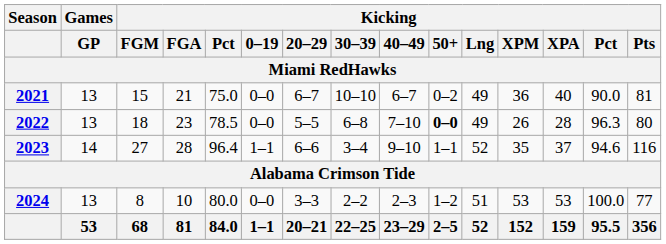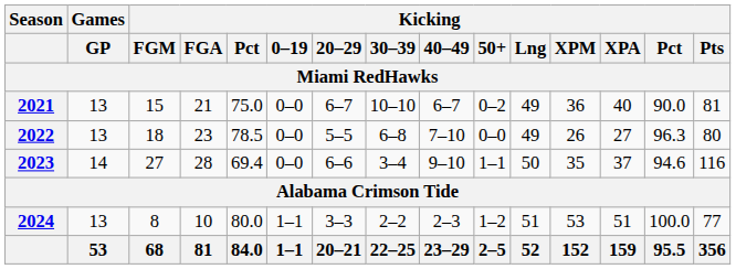 <table class="wikitable" style="text-align:center;">
 <tr>
 <th rowspan="1">Season</th>
 <th colspan="1">Games</th>
 <th colspan="14">Kicking</th>
 </tr>
 <tr>
 <th></th>
 <th>GP</th>
 <th>FGM</th>
 <th>FGA</th>
 <th>Pct</th>
 <th>0–19</th>
 <th>20–29</th>
 <th>30–39</th>
 <th>40–49</th>
 <th>50+</th>
 <th>Lng</th>
 <th>XPM</th>
 <th>XPA</th>
 <th>Pct</th>
 <th>Pts</th>
 </tr>
 <tr>
 <th colspan="17">Miami RedHawks</th>
 </tr>
 <tr>
 <th><a href='#'>2021</a></th>
 <td>13</td>
 <td>15</td>
 <td>21</td>
 <td>75.0</td>
 <td>0–0</td>
 <td>6–7</td>
 <td>10–10</td>
 <td>6–7</td>
 <td>0–2</td>
 <td>49</td>
 <td>36</td>
 <td>40</td>
 <td>90.0</td>
 <td>81</td>
 </tr>
 <tr>
 <th><a href='#'>2022</a></th>
 <td>13</td>
 <td>18</td>
 <td>23</td>
 <td>78.5</td>
 <td>0–0</td>
 <td>5–5</td>
 <td>6–8</td>
 <td>7–10</td>
-<td><strong>0–0</strong></td>
+<td>0–0</td>
 <td>49</td>
 <td>26</td>
-<td>28</td>
+<td>27</td>
 <td>96.3</td>
 <td>80</td>
 </tr>
 <tr>
 <th><a href='#'>2023</a></th>
 <td>14</td>
 <td>27</td>
 <td>28</td>
-<td>96.4</td>
-<td>1–1</td>
+<td>69.4</td>
+<td>0–0</td>
 <td>6–6</td>
 <td>3–4</td>
 <td>9–10</td>
 <td>1–1</td>
-<td>52</td>
+<td>50</td>
 <td>35</td>
 <td>37</td>
 <td>94.6</td>
 <td>116</td>
 </tr>
 <tr>
 <th colspan="17">Alabama Crimson Tide</th>
 </tr>
 <tr>
 <th><a href='#'>2024</a></th>
 <td>13</td>
 <td>8</td>
 <td>10</td>
 <td>80.0</td>
-<td>0–0</td>
+<td>1–1</td>
 <td>3–3</td>
 <td>2–2</td>
 <td>2–3</td>
 <td>1–2</td>
 <td>51</td>
 <td>53</td>
-<td>53</td>
+<td>51</td>
 <td>100.0</td>
 <td>77</td>
 </tr>
 <tr>
 <th></th>
 <th>53</th>
 <th>68</th>
 <th>81</th>
 <th>84.0</th>
 <th>1–1</th>
 <th>20–21</th>
 <th>22–25</th>
 <th>23–29</th>
 <th>2–5</th>
 <th>52</th>
 <th>152</th>
 <th>159</th>
 <th>95.5</th>
 <th>356</th>
 </tr>
 </table>
